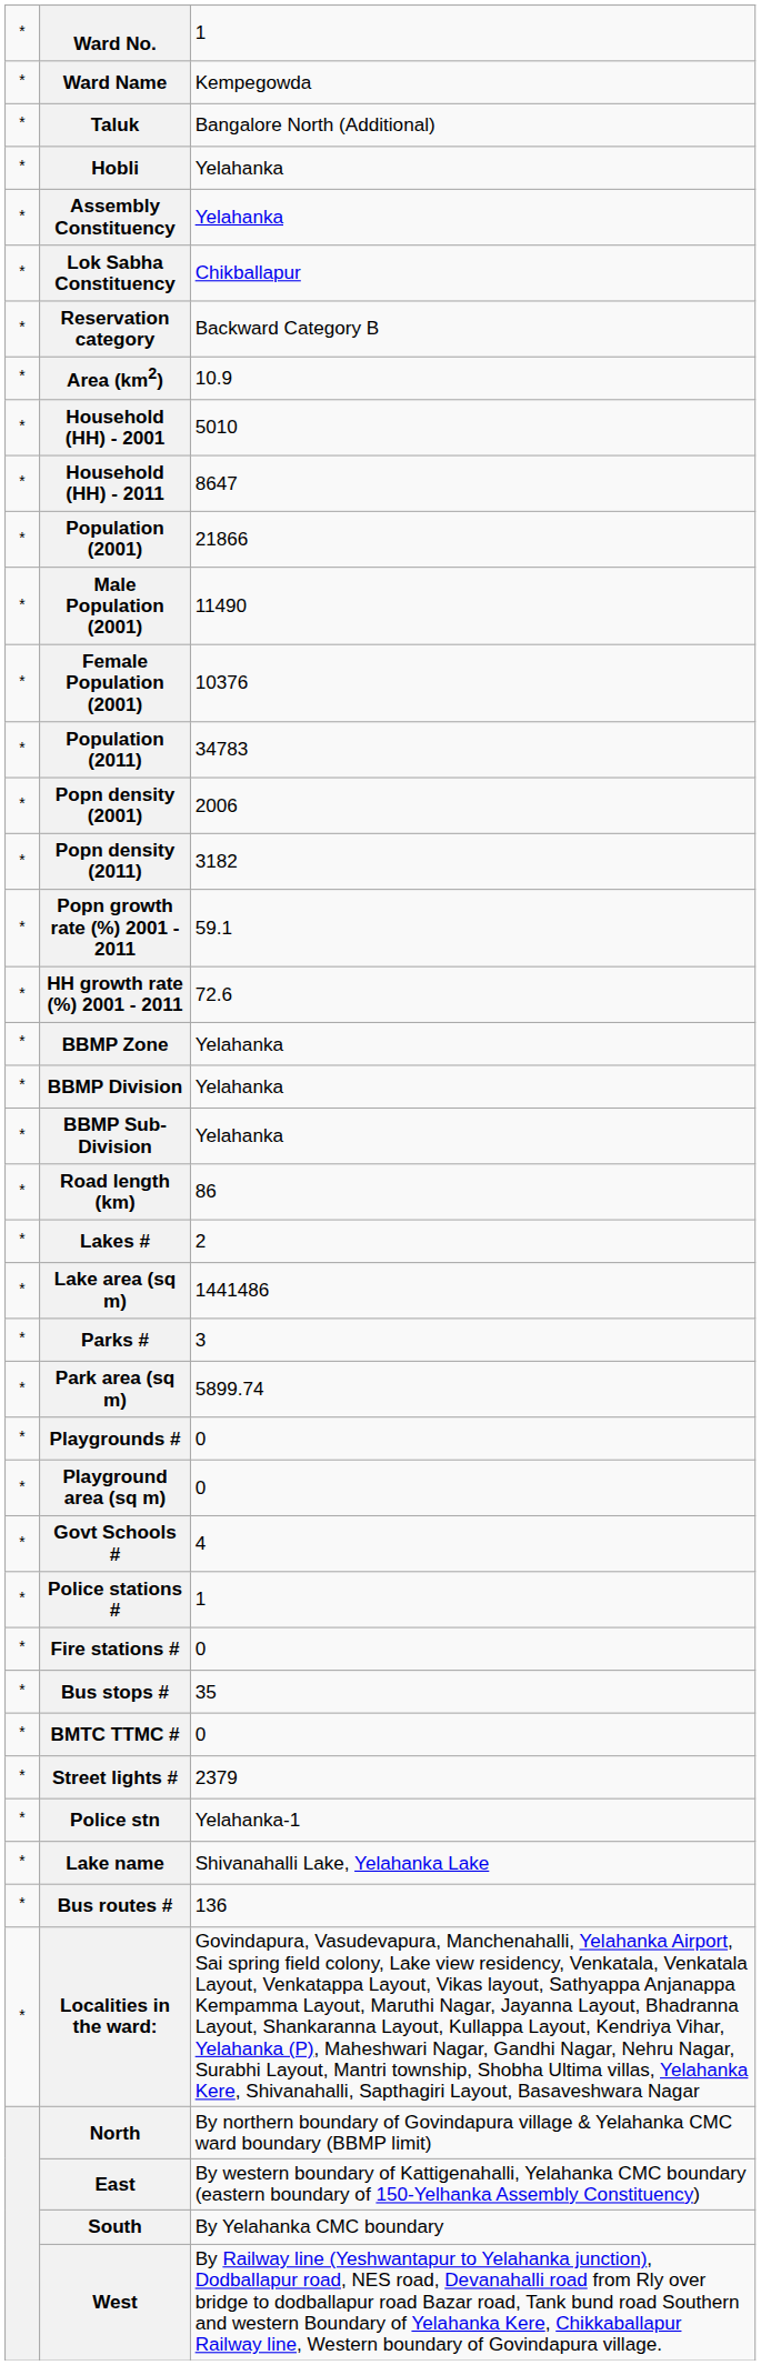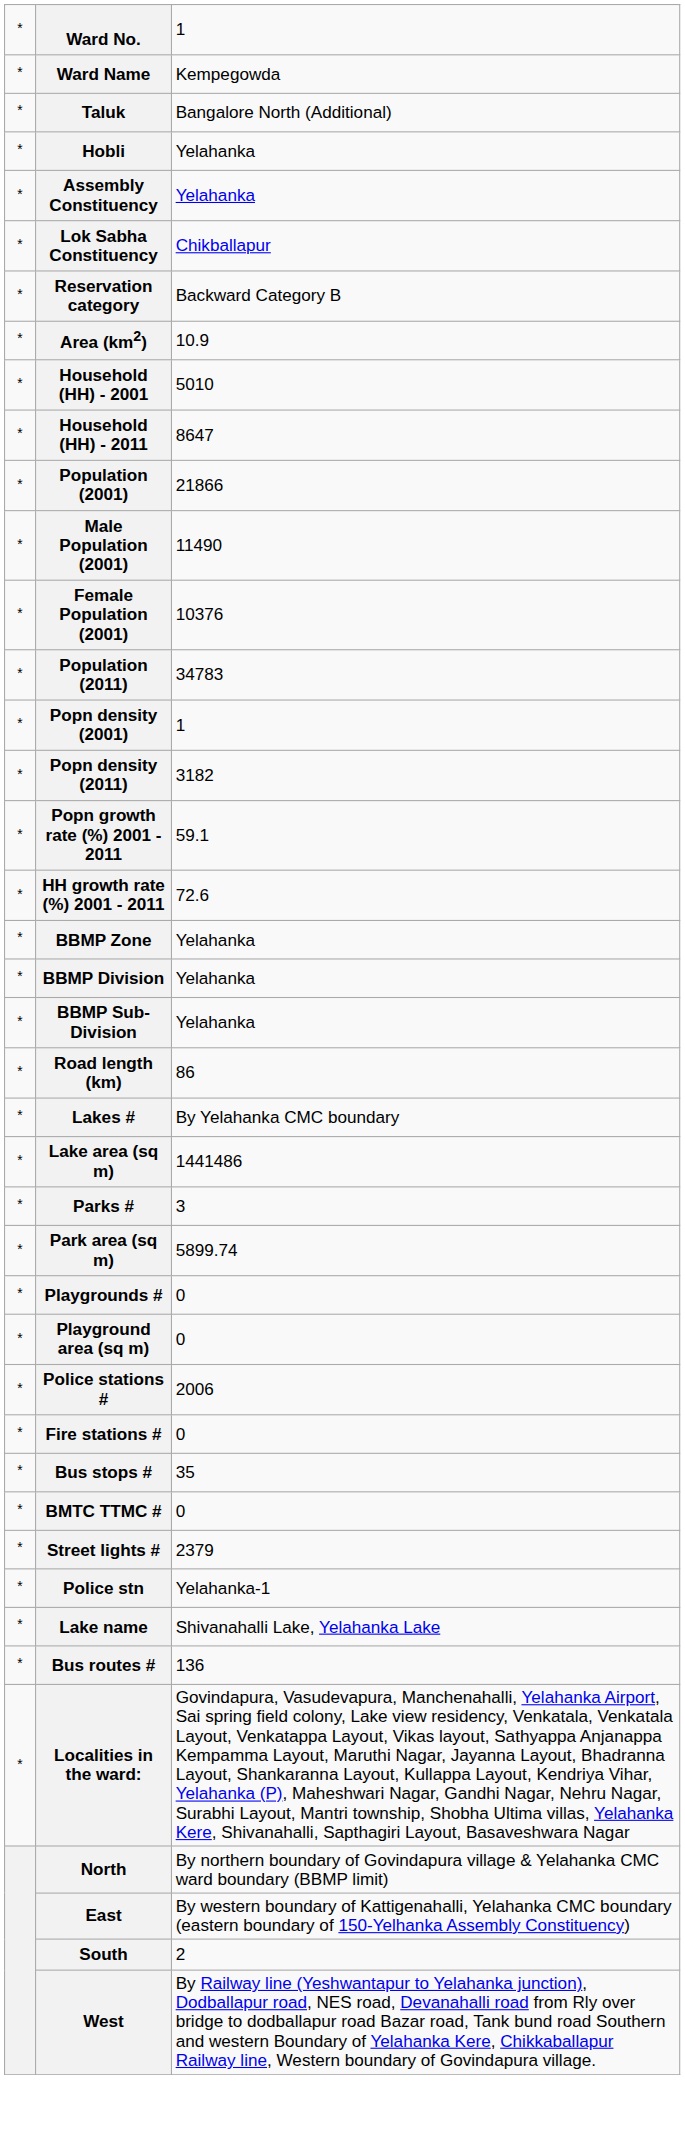 <table class="wikitable" style="width:50%">
 <tr>
 <td style="padding: 10px; font-family: monospace; font-size: 100%;">*</td>
 <th style="padding: 5px;"><br>Ward No.</th>
 <td>1</td>
 </tr>
 <tr>
 <td style="padding: 10px; font-family: monospace; font-size: 100%;">*</td>
 <th style="padding: 5px;">Ward Name</th>
 <td>Kempegowda</td>
 </tr>
 <tr>
 <td style="padding: 10px; font-family: monospace; font-size: 100%;">*</td>
 <th style="padding: 5px;">Taluk</th>
 <td>Bangalore North (Additional)</td>
 </tr>
 <tr>
 <td style="padding: 10px; font-family: monospace; font-size: 100%;">*</td>
 <th style="padding: 5px;">Hobli</th>
 <td>Yelahanka</td>
 </tr>
 <tr>
 <td style="padding: 10px; font-family: monospace; font-size: 100%;">*</td>
 <th style="padding: 5px;">Assembly Constituency</th>
 <td><a href='#'>Yelahanka</a></td>
 </tr>
 <tr>
 <td style="padding: 10px; font-family: monospace; font-size: 100%;">*</td>
 <th style="padding: 5px;">Lok Sabha Constituency</th>
 <td><a href='#'>Chikballapur</a></td>
 </tr>
 <tr>
 <td style="padding: 10px; font-family: monospace; font-size: 100%;">*</td>
 <th style="padding: 5px;">Reservation category</th>
 <td>Backward Category B</td>
 </tr>
 <tr>
 <td style="padding: 10px; font-family: monospace; font-size: 100%;">*</td>
 <th style="padding: 5px;">Area (km<sup>2</sup>)</th>
 <td>10.9</td>
 </tr>
 <tr>
 <td style="padding: 10px; font-family: monospace; font-size: 100%;">*</td>
 <th style="padding: 5px;">Household (HH) - 2001</th>
 <td>5010</td>
 </tr>
 <tr>
 <td style="padding: 10px; font-family: monospace; font-size: 100%;">*</td>
 <th style="padding: 5px;">Household (HH) - 2011</th>
 <td>8647</td>
 </tr>
 <tr>
 <td style="padding: 10px; font-family: monospace; font-size: 100%;">*</td>
 <th style="padding: 5px;">Population (2001)</th>
 <td>21866</td>
 </tr>
 <tr>
 <td style="padding: 10px; font-family: monospace; font-size: 100%;">*</td>
 <th style="padding: 5px;">Male Population (2001)</th>
 <td>11490</td>
 </tr>
 <tr>
 <td style="padding: 10px; font-family: monospace; font-size: 100%;">*</td>
 <th style="padding: 5px;">Female Population (2001)</th>
 <td>10376</td>
 </tr>
 <tr>
 <td style="padding: 10px; font-family: monospace; font-size: 100%;">*</td>
 <th style="padding: 5px;">Population (2011)</th>
 <td>34783</td>
 </tr>
 <tr>
 <td style="padding: 10px; font-family: monospace; font-size: 100%;">*</td>
 <th style="padding: 5px;">Popn density (2001)</th>
-<td>2006</td>
+<td>1</td>
 </tr>
 <tr>
 <td style="padding: 10px; font-family: monospace; font-size: 100%;">*</td>
 <th style="padding: 5px;">Popn density (2011)</th>
 <td>3182</td>
 </tr>
 <tr>
 <td style="padding: 10px; font-family: monospace; font-size: 100%;">*</td>
 <th style="padding: 5px;">Popn growth rate (%) 2001 - 2011</th>
 <td>59.1</td>
 </tr>
 <tr>
 <td style="padding: 10px; font-family: monospace; font-size: 100%;">*</td>
 <th style="padding: 5px;">HH growth rate (%) 2001 - 2011</th>
 <td>72.6</td>
 </tr>
 <tr>
 <td style="padding: 10px; font-family: monospace; font-size: 100%;">*</td>
 <th style="padding: 5px;">BBMP Zone</th>
 <td>Yelahanka</td>
 </tr>
 <tr>
 <td style="padding: 10px; font-family: monospace; font-size: 100%;">*</td>
 <th style="padding: 5px;">BBMP Division</th>
 <td>Yelahanka</td>
 </tr>
 <tr>
 <td style="padding: 10px; font-family: monospace; font-size: 100%;">*</td>
 <th style="padding: 5px;">BBMP Sub-Division</th>
 <td>Yelahanka</td>
 </tr>
 <tr>
 <td style="padding: 10px; font-family: monospace; font-size: 100%;">*</td>
 <th style="padding: 5px;">Road length (km)</th>
 <td>86</td>
 </tr>
 <tr>
 <td style="padding: 10px; font-family: monospace; font-size: 100%;">*</td>
 <th style="padding: 5px;">Lakes #</th>
-<td>2</td>
+<td>By Yelahanka CMC boundary</td>
 </tr>
 <tr>
 <td style="padding: 10px; font-family: monospace; font-size: 100%;">*</td>
 <th style="padding: 5px;">Lake area (sq m)</th>
 <td>1441486</td>
 </tr>
 <tr>
 <td style="padding: 10px; font-family: monospace; font-size: 100%;">*</td>
 <th style="padding: 5px;">Parks #</th>
 <td>3</td>
 </tr>
 <tr>
 <td style="padding: 10px; font-family: monospace; font-size: 100%;">*</td>
 <th style="padding: 5px;">Park area (sq m)</th>
 <td>5899.74</td>
 </tr>
 <tr>
 <td style="padding: 10px; font-family: monospace; font-size: 100%;">*</td>
 <th style="padding: 5px;">Playgrounds #</th>
 <td>0</td>
 </tr>
 <tr>
 <td style="padding: 10px; font-family: monospace; font-size: 100%;">*</td>
 <th style="padding: 5px;">Playground area (sq m)</th>
 <td>0</td>
 </tr>
 <tr>
 <td style="padding: 10px; font-family: monospace; font-size: 100%;">*</td>
-<th style="padding: 5px;">Govt Schools #</th>
-<td>4</td>
-</tr>
-<tr>
-<td style="padding: 10px; font-family: monospace; font-size: 100%;">*</td>
 <th style="padding: 5px;">Police stations #</th>
-<td>1</td>
+<td>2006</td>
 </tr>
 <tr>
 <td style="padding: 10px; font-family: monospace; font-size: 100%;">*</td>
 <th style="padding: 5px;">Fire stations #</th>
 <td>0</td>
 </tr>
 <tr>
 <td style="padding: 10px; font-family: monospace; font-size: 100%;">*</td>
 <th style="padding: 5px;">Bus stops #</th>
 <td>35</td>
 </tr>
 <tr>
 <td style="padding: 10px; font-family: monospace; font-size: 100%;">*</td>
 <th style="padding: 5px;">BMTC TTMC #</th>
 <td>0</td>
 </tr>
 <tr>
 <td style="padding: 10px; font-family: monospace; font-size: 100%;">*</td>
 <th style="padding: 5px;">Street lights #</th>
 <td>2379</td>
 </tr>
 <tr>
 <td style="padding: 10px; font-family: monospace; font-size: 100%;">*</td>
 <th style="padding: 5px;">Police stn</th>
 <td>Yelahanka-1</td>
 </tr>
 <tr>
 <td style="padding: 10px; font-family: monospace; font-size: 100%;">*</td>
 <th style="padding: 5px;">Lake name</th>
 <td>Shivanahalli Lake, <a href='#'>Yelahanka Lake</a></td>
 </tr>
 <tr>
 <td style="padding: 10px; font-family: monospace; font-size: 100%;">*</td>
 <th style="padding: 5px;">Bus routes #</th>
 <td>136</td>
 </tr>
 <tr>
 <td style="padding: 10px; font-family: monospace; font-size: 100%;">*</td>
 <th style="padding: 5px;">Localities in the ward:</th>
 <td>Govindapura, Vasudevapura, Manchenahalli, <a href='#'>Yelahanka Airport</a>, Sai spring field colony, Lake view residency, Venkatala, Venkatala Layout, Venkatappa Layout, Vikas layout, Sathyappa Anjanappa Kempamma Layout, Maruthi Nagar, Jayanna Layout, Bhadranna Layout, Shankaranna Layout, Kullappa Layout, Kendriya Vihar, <a href='#'>Yelahanka (P)</a>, Maheshwari Nagar, Gandhi Nagar, Nehru Nagar, Surabhi Layout, Mantri township, Shobha Ultima villas, <a href='#'>Yelahanka Kere</a>, Shivanahalli, Sapthagiri Layout, Basaveshwara Nagar</td>
 </tr>
 <tr>
 <th rowspan="4" style="padding: 2px; font-family: monospace; font-size: 120%;"></th>
 <th style="padding: 5px;">North</th>
 <td>By northern boundary of Govindapura village & Yelahanka CMC ward boundary (BBMP limit)</td>
 </tr>
 <tr>
 <th style="padding: 5px;">East</th>
 <td>By western boundary of Kattigenahalli, Yelahanka CMC boundary (eastern boundary of <a href='#'>150-Yelhanka Assembly Constituency</a>)</td>
 </tr>
 <tr>
 <th style="padding: 5px;">South</th>
-<td>By Yelahanka CMC boundary</td>
+<td>2</td>
 </tr>
 <tr>
 <th style="padding: 5px;">West</th>
 <td>By <a href='#'>Railway line (Yeshwantapur to Yelahanka junction)</a>, <a href='#'>Dodballapur road</a>, NES road, <a href='#'>Devanahalli road</a> from Rly over bridge to dodballapur road Bazar road, Tank bund road Southern and western Boundary of <a href='#'>Yelahanka Kere</a>, <a href='#'>Chikkaballapur Railway line</a>, Western boundary of Govindapura village.</td>
 </tr>
 <tr>
 </tr>
 </table>
